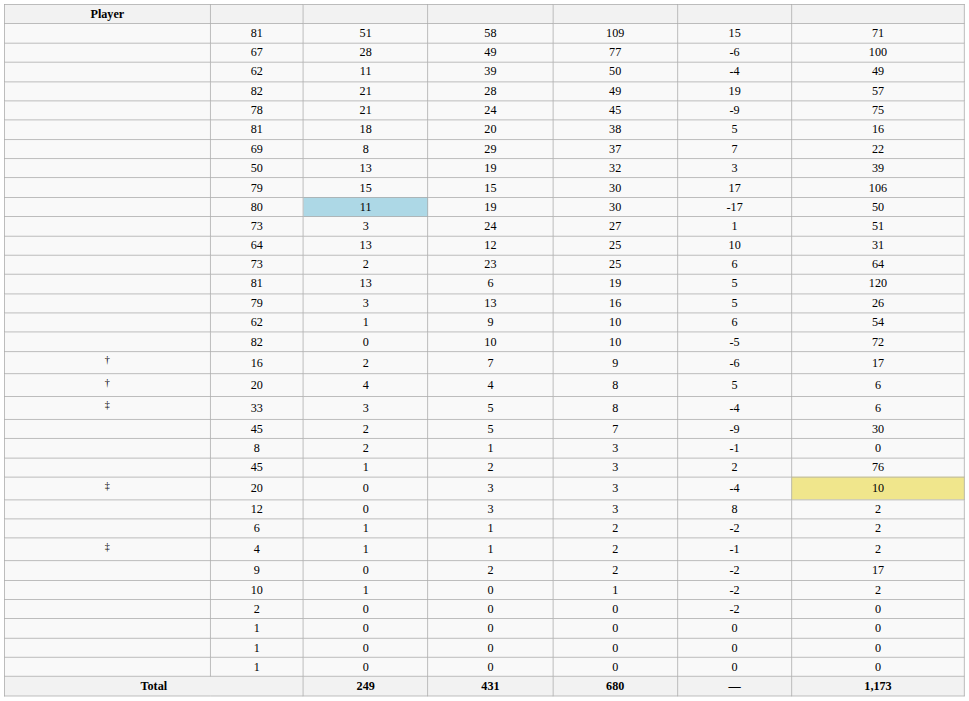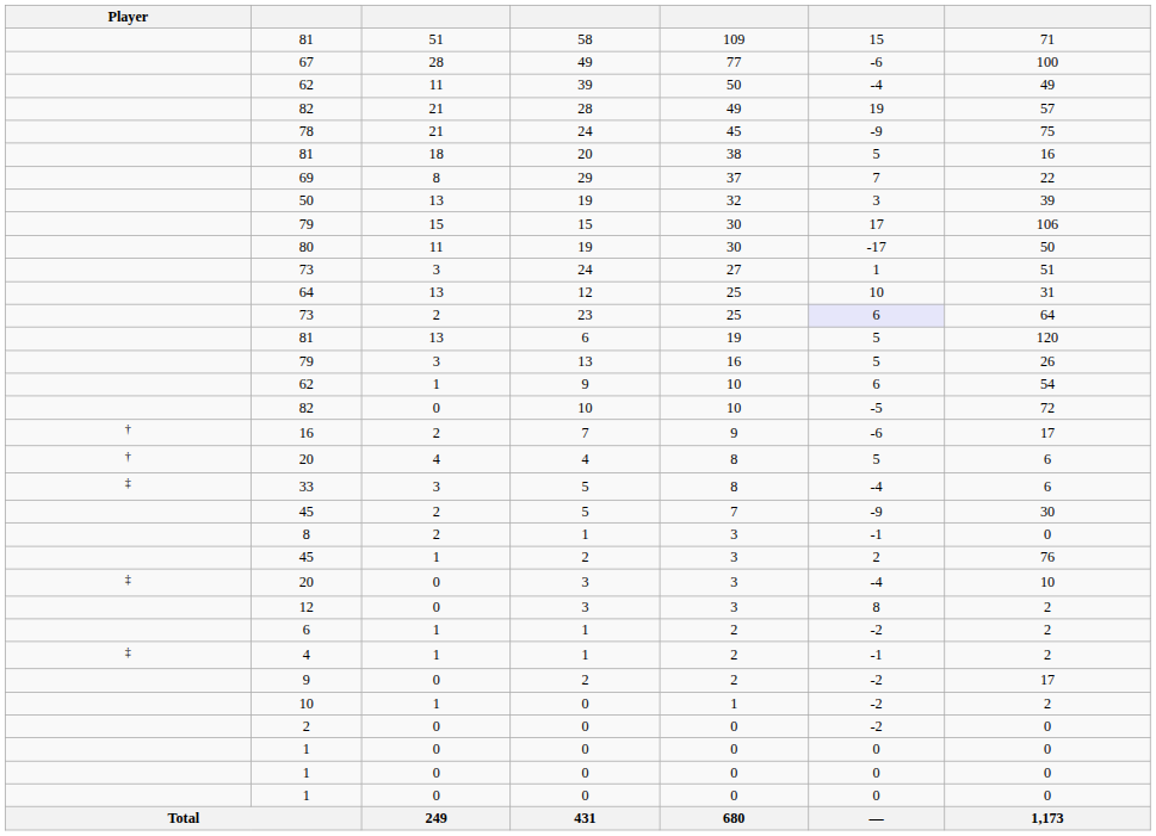 <table class="wikitable sortable" style="width:100%; text-align:center;">
 <tr align=center>
 <th>Player</th>
 <th></th>
 <th></th>
 <th></th>
 <th></th>
 <th data-sort-type="number"></th>
 <th></th>
 </tr>
 <tr>
 <td></td>
 <td>81</td>
 <td>51</td>
 <td>58</td>
 <td>109</td>
 <td>15</td>
 <td>71</td>
 </tr>
 <tr>
 <td></td>
 <td>67</td>
 <td>28</td>
 <td>49</td>
 <td>77</td>
 <td>-6</td>
 <td>100</td>
 </tr>
 <tr>
 <td></td>
 <td>62</td>
 <td>11</td>
 <td>39</td>
 <td>50</td>
 <td>-4</td>
 <td>49</td>
 </tr>
 <tr>
 <td></td>
 <td>82</td>
 <td>21</td>
 <td>28</td>
 <td>49</td>
 <td>19</td>
 <td>57</td>
 </tr>
 <tr>
 <td></td>
 <td>78</td>
 <td>21</td>
 <td>24</td>
 <td>45</td>
 <td>-9</td>
 <td>75</td>
 </tr>
 <tr>
 <td></td>
 <td>81</td>
 <td>18</td>
 <td>20</td>
 <td>38</td>
 <td>5</td>
 <td>16</td>
 </tr>
 <tr>
 <td></td>
 <td>69</td>
 <td>8</td>
 <td>29</td>
 <td>37</td>
 <td>7</td>
 <td>22</td>
 </tr>
 <tr>
 <td></td>
 <td>50</td>
 <td>13</td>
 <td>19</td>
 <td>32</td>
 <td>3</td>
 <td>39</td>
 </tr>
 <tr>
 <td></td>
 <td>79</td>
 <td>15</td>
 <td>15</td>
 <td>30</td>
 <td>17</td>
 <td>106</td>
 </tr>
 <tr>
 <td></td>
 <td>80</td>
-<td style="background: lightblue;">11</td>
+<td>11</td>
 <td>19</td>
 <td>30</td>
 <td>-17</td>
 <td>50</td>
 </tr>
 <tr>
 <td></td>
 <td>73</td>
 <td>3</td>
 <td>24</td>
 <td>27</td>
 <td>1</td>
 <td>51</td>
 </tr>
 <tr>
 <td></td>
 <td>64</td>
 <td>13</td>
 <td>12</td>
 <td>25</td>
 <td>10</td>
 <td>31</td>
 </tr>
 <tr>
 <td></td>
 <td>73</td>
 <td>2</td>
 <td>23</td>
 <td>25</td>
-<td>6</td>
+<td style="background: lavender;">6</td>
 <td>64</td>
 </tr>
 <tr>
 <td></td>
 <td>81</td>
 <td>13</td>
 <td>6</td>
 <td>19</td>
 <td>5</td>
 <td>120</td>
 </tr>
 <tr>
 <td></td>
 <td>79</td>
 <td>3</td>
 <td>13</td>
 <td>16</td>
 <td>5</td>
 <td>26</td>
 </tr>
 <tr>
 <td></td>
 <td>62</td>
 <td>1</td>
 <td>9</td>
 <td>10</td>
 <td>6</td>
 <td>54</td>
 </tr>
 <tr>
 <td></td>
 <td>82</td>
 <td>0</td>
 <td>10</td>
 <td>10</td>
 <td>-5</td>
 <td>72</td>
 </tr>
 <tr>
 <td><sup>†</sup></td>
 <td>16</td>
 <td>2</td>
 <td>7</td>
 <td>9</td>
 <td>-6</td>
 <td>17</td>
 </tr>
 <tr>
 <td><sup>†</sup></td>
 <td>20</td>
 <td>4</td>
 <td>4</td>
 <td>8</td>
 <td>5</td>
 <td>6</td>
 </tr>
 <tr>
 <td><sup>‡</sup></td>
 <td>33</td>
 <td>3</td>
 <td>5</td>
 <td>8</td>
 <td>-4</td>
 <td>6</td>
 </tr>
 <tr>
 <td></td>
 <td>45</td>
 <td>2</td>
 <td>5</td>
 <td>7</td>
 <td>-9</td>
 <td>30</td>
 </tr>
 <tr>
 <td></td>
 <td>8</td>
 <td>2</td>
 <td>1</td>
 <td>3</td>
 <td>-1</td>
 <td>0</td>
 </tr>
 <tr>
 <td></td>
 <td>45</td>
 <td>1</td>
 <td>2</td>
 <td>3</td>
 <td>2</td>
 <td>76</td>
 </tr>
 <tr>
 <td><sup>‡</sup></td>
 <td>20</td>
 <td>0</td>
 <td>3</td>
 <td>3</td>
 <td>-4</td>
-<td style="background: khaki;">10</td>
+<td>10</td>
 </tr>
 <tr>
 <td></td>
 <td>12</td>
 <td>0</td>
 <td>3</td>
 <td>3</td>
 <td>8</td>
 <td>2</td>
 </tr>
 <tr>
 <td></td>
 <td>6</td>
 <td>1</td>
 <td>1</td>
 <td>2</td>
 <td>-2</td>
 <td>2</td>
 </tr>
 <tr>
 <td><sup>‡</sup></td>
 <td>4</td>
 <td>1</td>
 <td>1</td>
 <td>2</td>
 <td>-1</td>
 <td>2</td>
 </tr>
 <tr>
 <td></td>
 <td>9</td>
 <td>0</td>
 <td>2</td>
 <td>2</td>
 <td>-2</td>
 <td>17</td>
 </tr>
 <tr>
 <td></td>
 <td>10</td>
 <td>1</td>
 <td>0</td>
 <td>1</td>
 <td>-2</td>
 <td>2</td>
 </tr>
 <tr>
 <td></td>
 <td>2</td>
 <td>0</td>
 <td>0</td>
 <td>0</td>
 <td>-2</td>
 <td>0</td>
 </tr>
 <tr>
 <td></td>
 <td>1</td>
 <td>0</td>
 <td>0</td>
 <td>0</td>
 <td>0</td>
 <td>0</td>
 </tr>
 <tr>
 <td></td>
 <td>1</td>
 <td>0</td>
 <td>0</td>
 <td>0</td>
 <td>0</td>
 <td>0</td>
 </tr>
 <tr>
 <td></td>
 <td>1</td>
 <td>0</td>
 <td>0</td>
 <td>0</td>
 <td>0</td>
 <td>0</td>
 </tr>
 <tr class="sortbottom">
 <th colspan=2>Total</th>
 <th>249</th>
 <th>431</th>
 <th>680</th>
 <th>—</th>
 <th>1,173</th>
 </tr>
 </table>
